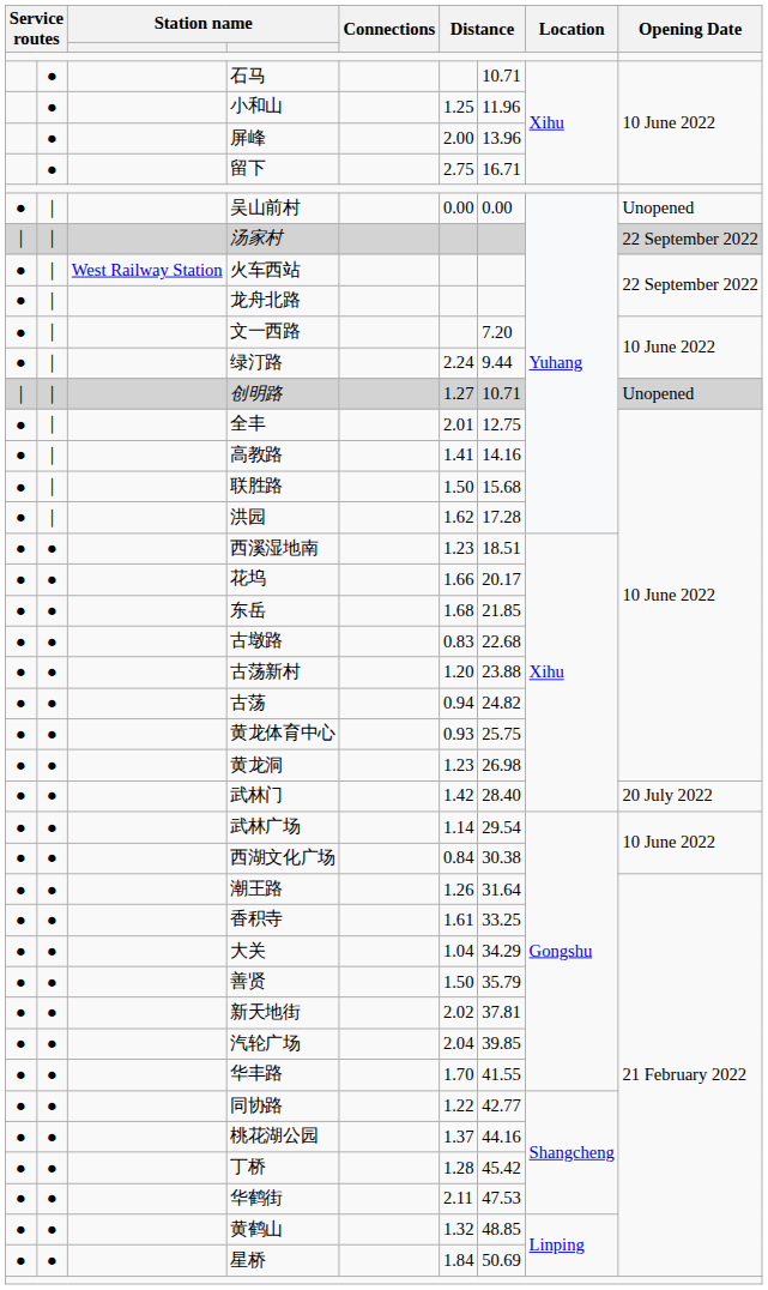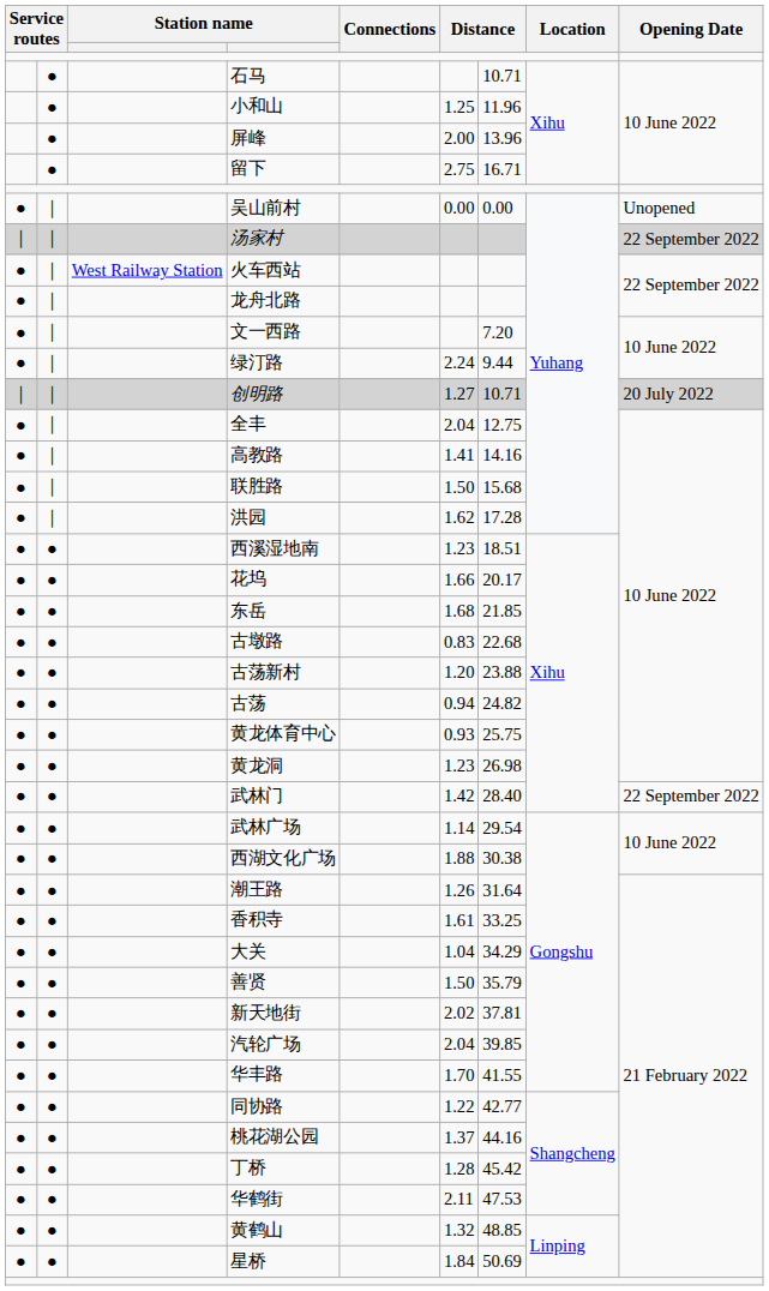 <table class="wikitable">
 <tr>
 <th rowspan="2" colspan="2">Service<br>routes</th>
 <th colspan="2">Station name</th>
 <th rowspan="2">Connections</th>
 <th colspan="2" rowspan="2">Distance<br></th>
 <th rowspan="2">Location</th>
 <th rowspan="2">Opening Date</th>
 </tr>
 <tr>
 <th></th>
 <th></th>
 </tr>
 <tr style="background:#">
 <td colspan = "8"></td>
 <td></td>
 </tr>
 <tr>
 <td align="center"></td>
 <td align="center">●</td>
 <td></td>
 <td><span>石马</span></td>
 <td></td>
 <td></td>
 <td>10.71</td>
 <td rowspan="4"><a href='#'>Xihu</a></td>
 <td rowspan="4">10 June 2022</td>
 </tr>
 <tr>
 <td align="center"></td>
 <td align="center">●</td>
 <td></td>
 <td><span>小和山</span></td>
 <td></td>
 <td>1.25</td>
 <td>11.96</td>
 </tr>
 <tr>
 <td align="center"></td>
 <td align="center">●</td>
 <td></td>
 <td><span>屏峰</span></td>
 <td></td>
 <td>2.00</td>
 <td>13.96</td>
 </tr>
 <tr>
 <td align="center"></td>
 <td align="center">●</td>
 <td></td>
 <td><span>留下</span></td>
 <td></td>
 <td>2.75</td>
 <td>16.71</td>
 </tr>
 <tr style="background:#">
 <td colspan = "8"></td>
 <td></td>
 </tr>
 <tr>
 <td align="center">●</td>
 <td align="center">｜</td>
 <td></td>
 <td><span>吴山前村</span></td>
 <td></td>
 <td>0.00</td>
 <td>0.00</td>
 <td style="background:#f8f9fa;" rowspan="11"><a href='#'>Yuhang</a></td>
 <td>Unopened</td>
 </tr>
 <tr bgcolor="lightgrey">
 <td align="center">｜</td>
 <td align="center">｜</td>
 <td><em></em></td>
 <td><span><em>汤家村</em></span></td>
 <td></td>
 <td></td>
 <td></td>
 <td>22 September 2022</td>
 </tr>
 <tr>
 <td align="center">●</td>
 <td align="center">｜</td>
 <td><a href='#'>West Railway Station</a></td>
 <td><span>火车西站</span></td>
 <td></td>
 <td></td>
 <td></td>
 <td rowspan="2">22 September 2022</td>
 </tr>
 <tr>
 <td align="center">●</td>
 <td align="center">｜</td>
 <td></td>
 <td><span>龙舟北路</span></td>
 <td></td>
 <td></td>
 <td></td>
 </tr>
 <tr>
 <td align="center">●</td>
 <td align="center">｜</td>
 <td></td>
 <td><span>文一西路</span></td>
 <td></td>
 <td></td>
 <td>7.20</td>
 <td rowspan="2">10 June 2022</td>
 </tr>
 <tr>
 <td align="center">●</td>
 <td align="center">｜</td>
 <td></td>
 <td><span>绿汀路</span></td>
 <td> </td>
 <td>2.24</td>
 <td>9.44</td>
 </tr>
 <tr bgcolor="lightgrey">
 <td align="center">｜</td>
 <td align="center">｜</td>
 <td><em></em></td>
 <td><span><em>创明路</em></span></td>
 <td></td>
 <td>1.27</td>
 <td>10.71</td>
-<td>Unopened</td>
+<td>20 July 2022</td>
 </tr>
 <tr>
 <td align="center">●</td>
 <td align="center">｜</td>
 <td></td>
 <td><span>全丰</span></td>
 <td></td>
-<td>2.01</td>
+<td>2.04</td>
 <td>12.75</td>
 <td rowspan="12">10 June 2022</td>
 </tr>
 <tr>
 <td align="center">●</td>
 <td align="center">｜</td>
 <td></td>
 <td><span>高教路</span></td>
 <td></td>
 <td>1.41</td>
 <td>14.16</td>
 </tr>
 <tr>
 <td align="center">●</td>
 <td align="center">｜</td>
 <td></td>
 <td><span>联胜路</span></td>
 <td></td>
 <td>1.50</td>
 <td>15.68</td>
 </tr>
 <tr>
 <td align="center">●</td>
 <td align="center">｜</td>
 <td></td>
 <td><span>洪园</span></td>
 <td></td>
 <td>1.62</td>
 <td>17.28</td>
 </tr>
 <tr>
 <td align="center">●</td>
 <td align="center">●</td>
 <td></td>
 <td><span>西溪湿地南</span></td>
 <td></td>
 <td>1.23</td>
 <td>18.51</td>
 <td rowspan="9"><a href='#'>Xihu</a></td>
 </tr>
 <tr>
 <td align="center">●</td>
 <td align="center">●</td>
 <td></td>
 <td><span>花坞</span></td>
 <td></td>
 <td>1.66</td>
 <td>20.17</td>
 </tr>
 <tr>
 <td align="center">●</td>
 <td align="center">●</td>
 <td></td>
 <td><span>东岳</span></td>
 <td></td>
 <td>1.68</td>
 <td>21.85</td>
 </tr>
 <tr>
 <td align="center">●</td>
 <td align="center">●</td>
 <td></td>
 <td><span>古墩路</span></td>
 <td></td>
 <td>0.83</td>
 <td>22.68</td>
 </tr>
 <tr>
 <td align="center">●</td>
 <td align="center">●</td>
 <td></td>
 <td><span>古荡新村</span></td>
 <td></td>
 <td>1.20</td>
 <td>23.88</td>
 </tr>
 <tr>
 <td align="center">●</td>
 <td align="center">●</td>
 <td></td>
 <td><span>古荡</span></td>
 <td></td>
 <td>0.94</td>
 <td>24.82</td>
 </tr>
 <tr>
 <td align="center">●</td>
 <td align="center">●</td>
 <td></td>
 <td><span>黄龙体育中心</span></td>
 <td></td>
 <td>0.93</td>
 <td>25.75</td>
 </tr>
 <tr>
 <td align="center">●</td>
 <td align="center">●</td>
 <td></td>
 <td><span>黄龙洞</span></td>
 <td></td>
 <td>1.23</td>
 <td>26.98</td>
 </tr>
 <tr>
 <td align="center">●</td>
 <td align="center">●</td>
 <td></td>
 <td><span>武林门</span></td>
 <td></td>
 <td>1.42</td>
 <td>28.40</td>
-<td>20 July 2022</td>
+<td>22 September 2022</td>
 </tr>
 <tr>
 <td align="center">●</td>
 <td align="center">●</td>
 <td></td>
 <td><span>武林广场</span></td>
 <td></td>
 <td>1.14</td>
 <td>29.54</td>
 <td rowspan="9"><a href='#'>Gongshu</a></td>
 <td rowspan="2">10 June 2022</td>
 </tr>
 <tr>
 <td align="center">●</td>
 <td align="center">●</td>
 <td></td>
 <td><span>西湖文化广场</span></td>
 <td> </td>
-<td>0.84</td>
+<td>1.88</td>
 <td>30.38</td>
 </tr>
 <tr>
 <td align="center">●</td>
 <td align="center">●</td>
 <td></td>
 <td><span>潮王路</span></td>
 <td></td>
 <td>1.26</td>
 <td>31.64</td>
 <td rowspan="13">21 February 2022</td>
 </tr>
 <tr>
 <td align="center">●</td>
 <td align="center">●</td>
 <td></td>
 <td><span>香积寺</span></td>
 <td></td>
 <td>1.61</td>
 <td>33.25</td>
 </tr>
 <tr>
 <td align="center">●</td>
 <td align="center">●</td>
 <td></td>
 <td><span>大关</span></td>
 <td></td>
 <td>1.04</td>
 <td>34.29</td>
 </tr>
 <tr>
 <td align="center">●</td>
 <td align="center">●</td>
 <td></td>
 <td><span>善贤</span></td>
 <td></td>
 <td>1.50</td>
 <td>35.79</td>
 </tr>
 <tr>
 <td align="center">●</td>
 <td align="center">●</td>
 <td></td>
 <td><span>新天地街</span></td>
 <td></td>
 <td>2.02</td>
 <td>37.81</td>
 </tr>
 <tr>
 <td align="center">●</td>
 <td align="center">●</td>
 <td></td>
 <td><span>汽轮广场</span></td>
 <td></td>
 <td>2.04</td>
 <td>39.85</td>
 </tr>
 <tr>
 <td align="center">●</td>
 <td align="center">●</td>
 <td></td>
 <td><span>华丰路</span></td>
 <td></td>
 <td>1.70</td>
 <td>41.55</td>
 </tr>
 <tr>
 <td align="center">●</td>
 <td align="center">●</td>
 <td></td>
 <td><span>同协路</span></td>
 <td></td>
 <td>1.22</td>
 <td>42.77</td>
 <td rowspan="4"><a href='#'>Shangcheng</a></td>
 </tr>
 <tr>
 <td align="center">●</td>
 <td align="center">●</td>
 <td></td>
 <td><span>桃花湖公园</span></td>
 <td></td>
 <td>1.37</td>
 <td>44.16</td>
 </tr>
 <tr>
 <td align="center">●</td>
 <td align="center">●</td>
 <td></td>
 <td><span>丁桥</span></td>
 <td></td>
 <td>1.28</td>
 <td>45.42</td>
 </tr>
 <tr>
 <td align="center">●</td>
 <td align="center">●</td>
 <td></td>
 <td><span>华鹤街</span></td>
 <td></td>
 <td>2.11</td>
 <td>47.53</td>
 </tr>
 <tr>
 <td align="center">●</td>
 <td align="center">●</td>
 <td></td>
 <td><span>黄鹤山</span></td>
 <td></td>
 <td>1.32</td>
 <td>48.85</td>
 <td rowspan="2"><a href='#'>Linping</a></td>
 </tr>
 <tr>
 <td align="center">●</td>
 <td align="center">●</td>
 <td></td>
 <td><span>星桥</span></td>
 <td></td>
 <td>1.84</td>
 <td>50.69</td>
 </tr>
 <tr style="background:#">
 <td colspan = "9"></td>
 </tr>
 </table>
